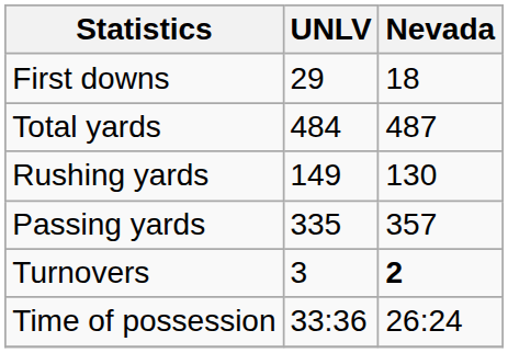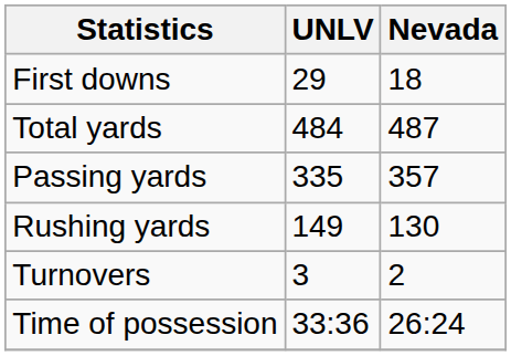 <table class="wikitable">
 <tr>
 <th>Statistics</th>
 <th>UNLV</th>
 <th>Nevada</th>
 </tr>
 <tr>
 <td>First downs</td>
 <td>29</td>
 <td>18</td>
 </tr>
 <tr>
 <td>Total yards</td>
 <td>484</td>
 <td>487</td>
 </tr>
 <tr>
+<td>Passing yards</td>
+<td>335</td>
+<td>357</td>
+</tr>
+<tr>
 <td>Rushing yards</td>
 <td>149</td>
 <td>130</td>
 </tr>
 <tr>
-<td>Passing yards</td>
-<td>335</td>
-<td>357</td>
-</tr>
-<tr>
 <td>Turnovers</td>
 <td>3</td>
-<td><strong>2</strong></td>
+<td>2</td>
 </tr>
 <tr>
 <td>Time of possession</td>
 <td>33:36</td>
 <td>26:24</td>
 </tr>
 <tr>
 </tr>
 </table>
